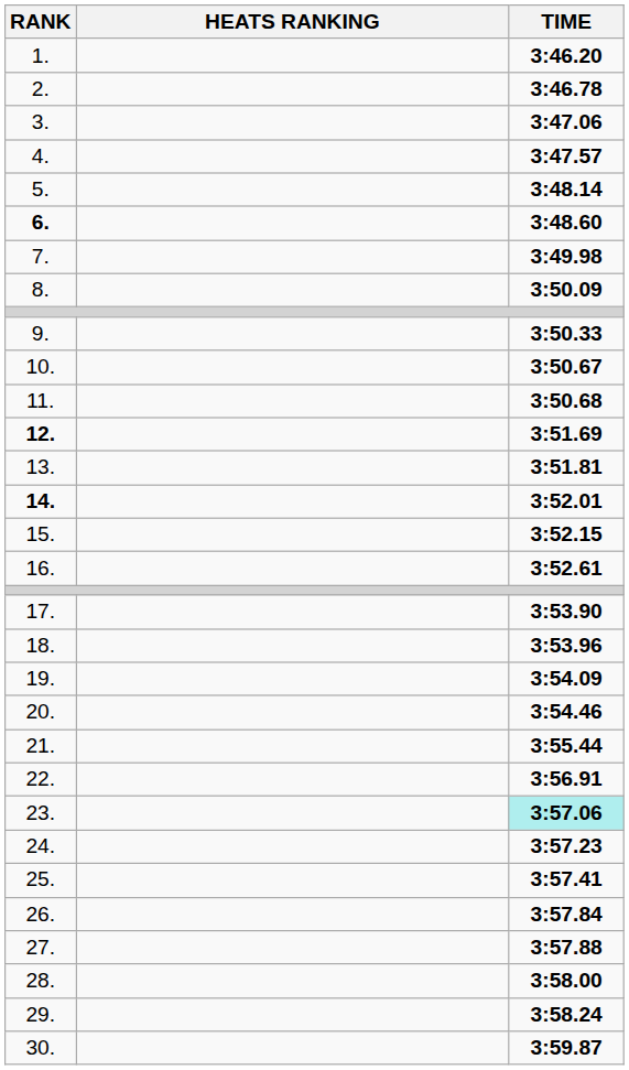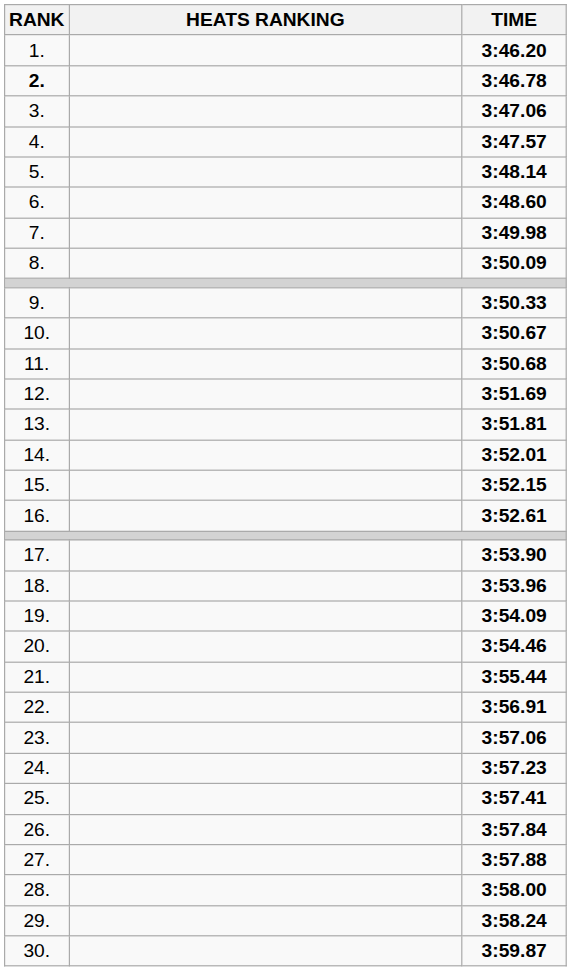 <table class="wikitable">
 <tr>
 <th>RANK</th>
 <th style="width: 20em">HEATS RANKING</th>
 <th style="width: 5em">TIME</th>
 </tr>
 <tr>
 <td align="center">1.</td>
 <td></td>
 <td align="center"><strong>3:46.20</strong></td>
 </tr>
 <tr>
-<td align="center">2.</td>
+<td align="center"><strong>2.</strong></td>
 <td></td>
 <td align="center"><strong>3:46.78</strong></td>
 </tr>
 <tr>
 <td align="center">3.</td>
 <td></td>
 <td align="center"><strong>3:47.06</strong></td>
 </tr>
 <tr>
 <td align="center">4.</td>
 <td></td>
 <td align="center"><strong>3:47.57</strong></td>
 </tr>
 <tr>
 <td align="center">5.</td>
 <td></td>
 <td align="center"><strong>3:48.14</strong></td>
 </tr>
 <tr>
-<td align="center"><strong>6.</strong></td>
+<td align="center">6.</td>
 <td></td>
 <td align="center"><strong>3:48.60</strong></td>
 </tr>
 <tr>
 <td align="center">7.</td>
 <td></td>
 <td align="center"><strong>3:49.98</strong></td>
 </tr>
 <tr>
 <td align="center">8.</td>
 <td></td>
 <td align="center"><strong>3:50.09</strong></td>
 </tr>
 <tr>
 <td colspan=3 bgcolor=lightgray></td>
 </tr>
 <tr>
 <td align="center">9.</td>
 <td></td>
 <td align="center"><strong>3:50.33</strong></td>
 </tr>
 <tr>
 <td align="center">10.</td>
 <td></td>
 <td align="center"><strong>3:50.67</strong></td>
 </tr>
 <tr>
 <td align="center">11.</td>
 <td></td>
 <td align="center"><strong>3:50.68</strong></td>
 </tr>
 <tr>
-<td align="center"><strong>12.</strong></td>
+<td align="center">12.</td>
 <td></td>
 <td align="center"><strong>3:51.69</strong></td>
 </tr>
 <tr>
 <td align="center">13.</td>
 <td></td>
 <td align="center"><strong>3:51.81</strong></td>
 </tr>
 <tr>
-<td align="center"><strong>14.</strong></td>
+<td align="center">14.</td>
 <td></td>
 <td align="center"><strong>3:52.01</strong></td>
 </tr>
 <tr>
 <td align="center">15.</td>
 <td></td>
 <td align="center"><strong>3:52.15</strong></td>
 </tr>
 <tr>
 <td align="center">16.</td>
 <td></td>
 <td align="center"><strong>3:52.61</strong></td>
 </tr>
 <tr>
 <td colspan=3 bgcolor=lightgray></td>
 </tr>
 <tr>
 <td align="center">17.</td>
 <td></td>
 <td align="center"><strong>3:53.90</strong></td>
 </tr>
 <tr>
 <td align="center">18.</td>
 <td></td>
 <td align="center"><strong>3:53.96</strong></td>
 </tr>
 <tr>
 <td align="center">19.</td>
 <td></td>
 <td align="center"><strong>3:54.09</strong></td>
 </tr>
 <tr>
 <td align="center">20.</td>
 <td></td>
 <td align="center"><strong>3:54.46</strong></td>
 </tr>
 <tr>
 <td align="center">21.</td>
 <td></td>
 <td align="center"><strong>3:55.44</strong></td>
 </tr>
 <tr>
 <td align="center">22.</td>
 <td></td>
 <td align="center"><strong>3:56.91</strong></td>
 </tr>
 <tr>
 <td align="center">23.</td>
 <td></td>
-<td align="center" style="background: paleturquoise;"><strong>3:57.06</strong></td>
+<td align="center"><strong>3:57.06</strong></td>
 </tr>
 <tr>
 <td align="center">24.</td>
 <td></td>
 <td align="center"><strong>3:57.23</strong></td>
 </tr>
 <tr>
 <td align="center">25.</td>
 <td></td>
 <td align="center"><strong>3:57.41</strong></td>
 </tr>
 <tr>
 <td align="center">26.</td>
 <td></td>
 <td align="center"><strong>3:57.84</strong></td>
 </tr>
 <tr>
 <td align="center">27.</td>
 <td></td>
 <td align="center"><strong>3:57.88</strong></td>
 </tr>
 <tr>
 <td align="center">28.</td>
 <td></td>
 <td align="center"><strong>3:58.00</strong></td>
 </tr>
 <tr>
 <td align="center">29.</td>
 <td></td>
 <td align="center"><strong>3:58.24</strong></td>
 </tr>
 <tr>
 <td align="center">30.</td>
 <td></td>
 <td align="center"><strong>3:59.87</strong></td>
 </tr>
 </table>
